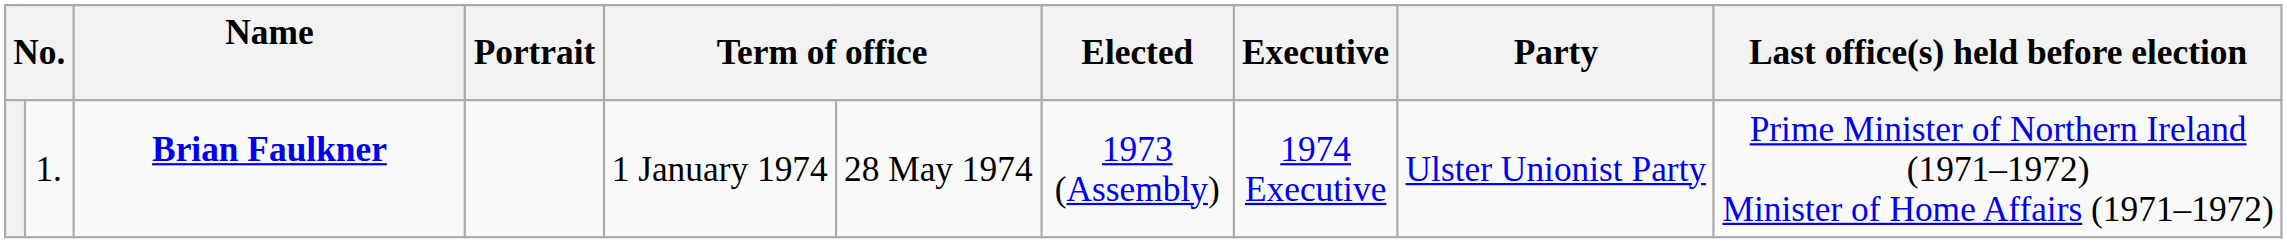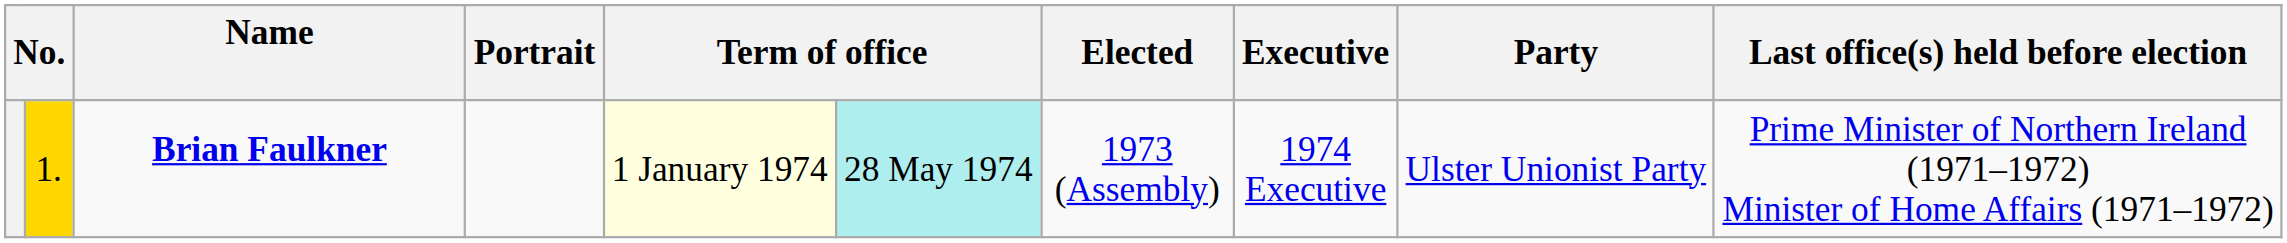 <table class="wikitable" style="text-align:center">
 <tr>
 <th colspan=2>No.</th>
 <th width=170>Name<br><br></th>
 <th>Portrait</th>
 <th colspan=2>Term of office</th>
 <th width=80>Elected<br></th>
 <th>Executive</th>
 <th>Party</th>
 <th>Last office(s) held before election</th>
 </tr>
 <tr>
 <th style="background:"></th>
-<td>1.</td>
+<td style="background: gold;">1.</td>
 <td><strong><a href='#'>Brian Faulkner</a></strong><br><br></td>
 <td></td>
-<td>1 January 1974</td>
-<td>28 May 1974</td>
+<td style="background: lightyellow;">1 January 1974</td>
+<td style="background: paleturquoise;">28 May 1974</td>
 <td><a href='#'>1973</a> (<a href='#'>Assembly</a>)</td>
 <td><a href='#'>1974<br>Executive</a></td>
 <td><a href='#'>Ulster Unionist Party</a></td>
 <td><a href='#'>Prime Minister of Northern Ireland</a><br>(1971–1972)<br><a href='#'>Minister of Home Affairs</a> (1971–1972)</td>
 </tr>
 </table>
